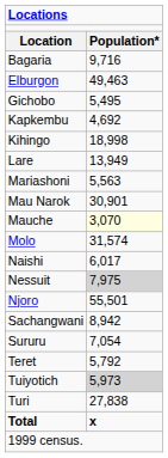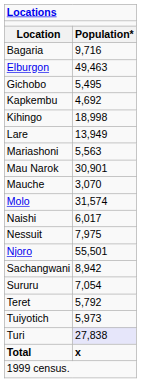 <table class="wikitable">
 <tr>
 <td colspan="2"><strong><a href='#'>Locations</a></strong></td>
 </tr>
 <tr>
 <td colspan="2"></td>
 </tr>
 <tr>
 <th>Location</th>
 <th>Population*</th>
 </tr>
 <tr>
 <td>Bagaria</td>
 <td>9,716</td>
 </tr>
 <tr>
 <td><a href='#'>Elburgon</a></td>
 <td>49,463</td>
 </tr>
 <tr>
 <td>Gichobo</td>
 <td>5,495</td>
 </tr>
 <tr>
 <td>Kapkembu</td>
 <td>4,692</td>
 </tr>
 <tr>
 <td>Kihingo</td>
 <td>18,998</td>
 </tr>
 <tr>
 <td>Lare</td>
 <td>13,949</td>
 </tr>
 <tr>
 <td>Mariashoni</td>
 <td>5,563</td>
 </tr>
 <tr>
 <td>Mau Narok</td>
 <td>30,901</td>
 </tr>
 <tr>
 <td>Mauche</td>
-<td style="background: lightyellow;">3,070</td>
+<td>3,070</td>
 </tr>
 <tr>
 <td><a href='#'>Molo</a></td>
 <td>31,574</td>
 </tr>
 <tr>
 <td>Naishi</td>
 <td>6,017</td>
 </tr>
 <tr>
 <td>Nessuit</td>
-<td style="background: lightgrey;">7,975</td>
+<td>7,975</td>
 </tr>
 <tr>
 <td><a href='#'>Njoro</a></td>
 <td>55,501</td>
 </tr>
 <tr>
 <td>Sachangwani</td>
 <td>8,942</td>
 </tr>
 <tr>
 <td>Sururu</td>
 <td>7,054</td>
 </tr>
 <tr>
 <td>Teret</td>
 <td>5,792</td>
 </tr>
 <tr>
 <td>Tuiyotich</td>
-<td style="background: lightgrey;">5,973</td>
+<td>5,973</td>
 </tr>
 <tr>
 <td>Turi</td>
-<td>27,838</td>
+<td style="background: lavender;">27,838</td>
 </tr>
 <tr>
 <td><strong>Total</strong></td>
 <td><strong>x</strong></td>
 </tr>
 <tr>
 <td colspan="2">1999 census.</td>
 </tr>
 </table>
